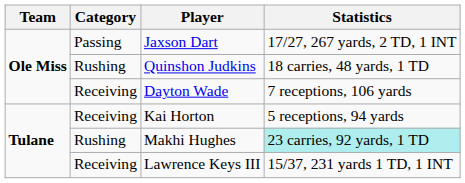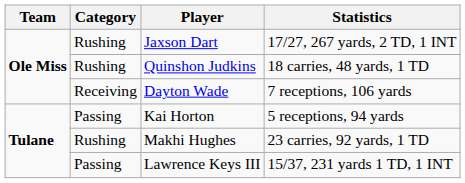 <table class="wikitable" style="float: right;">
 <tr>
 <th>Team</th>
 <th>Category</th>
 <th>Player</th>
 <th>Statistics</th>
 </tr>
 <tr>
 <td rowspan=3><strong>Ole Miss</strong></td>
-<td>Passing</td>
+<td>Rushing</td>
 <td><a href='#'>Jaxson Dart</a></td>
 <td>17/27, 267 yards, 2 TD, 1 INT</td>
 </tr>
 <tr>
 <td>Rushing</td>
 <td><a href='#'>Quinshon Judkins</a></td>
 <td>18 carries, 48 yards, 1 TD</td>
 </tr>
 <tr>
 <td>Receiving</td>
 <td><a href='#'>Dayton Wade</a></td>
 <td>7 receptions, 106 yards</td>
 </tr>
 <tr>
 <td rowspan=3><strong>Tulane</strong></td>
-<td>Receiving</td>
+<td>Passing</td>
 <td>Kai Horton</td>
 <td>5 receptions, 94 yards</td>
 </tr>
 <tr>
 <td>Rushing</td>
 <td>Makhi Hughes</td>
-<td style="background: paleturquoise;">23 carries, 92 yards, 1 TD</td>
+<td>23 carries, 92 yards, 1 TD</td>
 </tr>
 <tr>
-<td>Receiving</td>
+<td>Passing</td>
 <td>Lawrence Keys III</td>
 <td>15/37, 231 yards 1 TD, 1 INT</td>
 </tr>
 </table>
